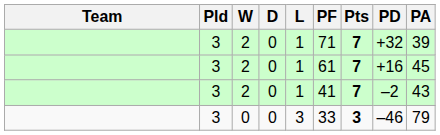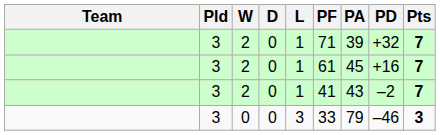 <table class="wikitable" style="text-align:center;">
 <tr>
 <th width=190>Team</th>
 <th width=20 abbr="Played">Pld</th>
 <th width=20 abbr="Won">W</th>
 <th width=20 abbr="Drawn">D</th>
 <th width=20 abbr="Lost">L</th>
 <th width=20 abbr="Points for">PF</th>
+<th width=20 abbr="Points against">PA</th>
+<th width=25 abbr="Points difference">PD</th>
 <th width=20 abbr="Points">Pts</th>
-<th width=25 abbr="Points difference">PD</th>
-<th width=20 abbr="Points against">PA</th>
 </tr>
 <tr style="background:#ccffcc">
 <td align=left></td>
 <td>3</td>
 <td>2</td>
 <td>0</td>
 <td>1</td>
 <td>71</td>
+<td>39</td>
+<td>+32</td>
 <td><strong>7</strong></td>
-<td>+32</td>
-<td>39</td>
 </tr>
 <tr style="background:#ccffcc">
 <td align=left></td>
 <td>3</td>
 <td>2</td>
 <td>0</td>
 <td>1</td>
 <td>61</td>
+<td>45</td>
+<td>+16</td>
 <td><strong>7</strong></td>
-<td>+16</td>
-<td>45</td>
 </tr>
 <tr style="background:#ccffcc">
 <td align=left></td>
 <td>3</td>
 <td>2</td>
 <td>0</td>
 <td>1</td>
 <td>41</td>
+<td>43</td>
+<td>–2</td>
 <td><strong>7</strong></td>
-<td>–2</td>
-<td>43</td>
 </tr>
 <tr>
 <td align=left></td>
 <td>3</td>
 <td>0</td>
 <td>0</td>
 <td>3</td>
 <td>33</td>
+<td>79</td>
+<td>–46</td>
 <td><strong>3</strong></td>
-<td>–46</td>
-<td>79</td>
 </tr>
 </table>
